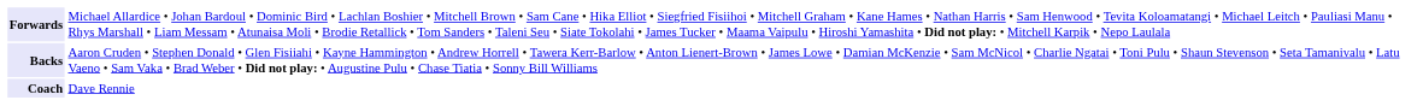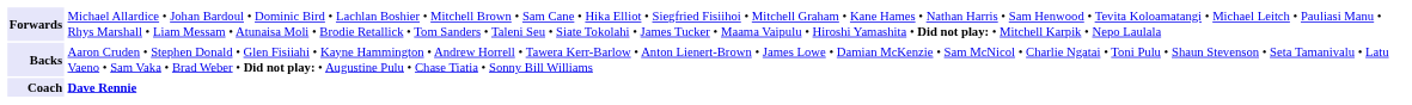 <table cellpadding="2" style="border: 1px solid white; font-size:90%;">
 <tr>
 <td style="text-align:right;" bgcolor="lavender"><strong>Forwards</strong></td>
 <td style="text-align:left;"><a href='#'>Michael Allardice</a> • <a href='#'>Johan Bardoul</a> • <a href='#'>Dominic Bird</a> • <a href='#'>Lachlan Boshier</a> • <a href='#'>Mitchell Brown</a> • <a href='#'>Sam Cane</a> • <a href='#'>Hika Elliot</a> • <a href='#'>Siegfried Fisiihoi</a> • <a href='#'>Mitchell Graham</a> • <a href='#'>Kane Hames</a> • <a href='#'>Nathan Harris</a> • <a href='#'>Sam Henwood</a> • <a href='#'>Tevita Koloamatangi</a> • <a href='#'>Michael Leitch</a> • <a href='#'>Pauliasi Manu</a> • <a href='#'>Rhys Marshall</a> • <a href='#'>Liam Messam</a> • <a href='#'>Atunaisa Moli</a> • <a href='#'>Brodie Retallick</a> • <a href='#'>Tom Sanders</a> • <a href='#'>Taleni Seu</a> • <a href='#'>Siate Tokolahi</a> • <a href='#'>James Tucker</a> • <a href='#'>Maama Vaipulu</a> • <a href='#'>Hiroshi Yamashita</a> • <strong>Did not play:</strong> • <a href='#'>Mitchell Karpik</a> • <a href='#'>Nepo Laulala</a></td>
 </tr>
 <tr>
 <td style="text-align:right;" bgcolor="lavender"><strong>Backs</strong></td>
 <td style="text-align:left;"><a href='#'>Aaron Cruden</a> • <a href='#'>Stephen Donald</a> • <a href='#'>Glen Fisiiahi</a> • <a href='#'>Kayne Hammington</a> • <a href='#'>Andrew Horrell</a> • <a href='#'>Tawera Kerr-Barlow</a> • <a href='#'>Anton Lienert-Brown</a> • <a href='#'>James Lowe</a> • <a href='#'>Damian McKenzie</a> • <a href='#'>Sam McNicol</a> • <a href='#'>Charlie Ngatai</a> • <a href='#'>Toni Pulu</a> • <a href='#'>Shaun Stevenson</a> • <a href='#'>Seta Tamanivalu</a> • <a href='#'>Latu Vaeno</a> • <a href='#'>Sam Vaka</a> • <a href='#'>Brad Weber</a> • <strong>Did not play:</strong> • <a href='#'>Augustine Pulu</a> • <a href='#'>Chase Tiatia</a> • <a href='#'>Sonny Bill Williams</a></td>
 </tr>
 <tr>
 <td style="text-align:right;" bgcolor="lavender"><strong>Coach</strong></td>
-<td style="text-align:left;"><a href='#'>Dave Rennie</a></td>
+<td style="text-align:left;"><strong><a href='#'>Dave Rennie</a></strong></td>
 </tr>
 </table>
